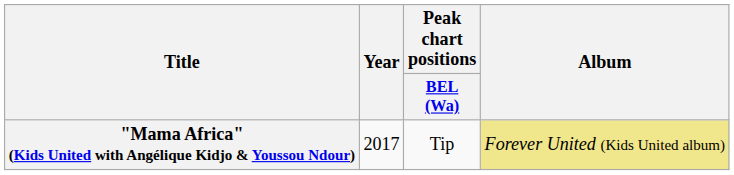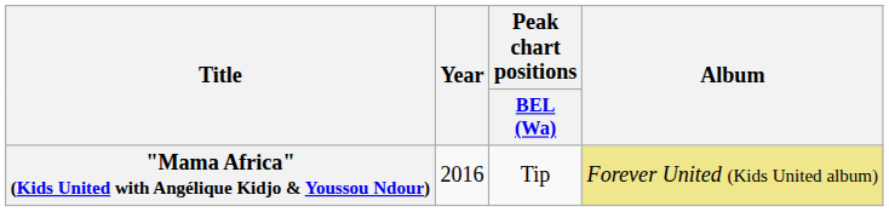 <table class="wikitable plainrowheaders" style="text-align:center">
 <tr>
 <th scope="col" rowspan="2">Title</th>
 <th scope="col" rowspan="2">Year</th>
 <th scope="col" colspan="1">Peak chart positions</th>
 <th scope="col" rowspan="2">Album</th>
 </tr>
 <tr>
 <th scope="col" style="width:2.5em;font-size:90%;"><a href='#'>BEL<br>(Wa)</a><br></th>
 </tr>
 <tr>
 <th scope="row">"Mama Africa"<br><small>(<a href='#'>Kids United</a> with Angélique Kidjo & <a href='#'>Youssou Ndour</a>)</small></th>
-<td>2017</td>
+<td>2016</td>
 <td>Tip</td>
 <td style="background: khaki;"><em>Forever United</em> <small>(Kids United album)</small></td>
 </tr>
 </table>
